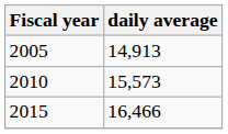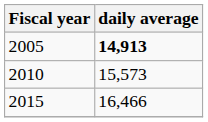 <table class="wikitable">
 <tr>
 <th>Fiscal year</th>
 <th>daily average</th>
 </tr>
 <tr>
 <td>2005</td>
-<td>14,913</td>
+<td><strong>14,913</strong></td>
 </tr>
 <tr>
 <td>2010</td>
 <td>15,573</td>
 </tr>
 <tr>
 <td>2015</td>
 <td>16,466</td>
 </tr>
 <tr>
 </tr>
 </table>
